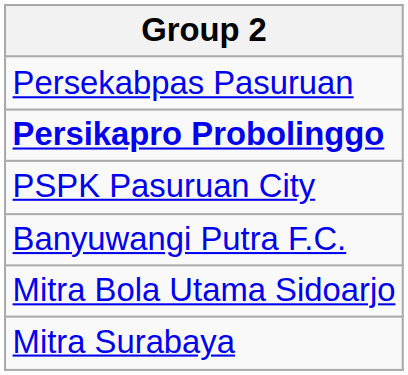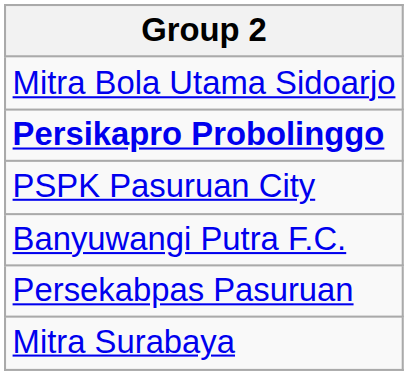 <table class="wikitable">
 <tr>
 <th><strong>Group 2</strong></th>
 </tr>
 <tr>
-<td><a href='#'>Persekabpas Pasuruan</a></td>
+<td><a href='#'>Mitra Bola Utama Sidoarjo</a></td>
 </tr>
 <tr>
 <td><strong><a href='#'>Persikapro Probolinggo</a></strong></td>
 </tr>
 <tr>
 <td><a href='#'>PSPK Pasuruan City</a></td>
 </tr>
 <tr>
 <td><a href='#'>Banyuwangi Putra F.C.</a></td>
 </tr>
 <tr>
-<td><a href='#'>Mitra Bola Utama Sidoarjo</a></td>
+<td><a href='#'>Persekabpas Pasuruan</a></td>
 </tr>
 <tr>
 <td><a href='#'>Mitra Surabaya</a></td>
 </tr>
 </table>
